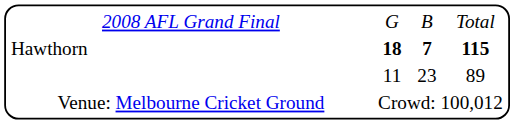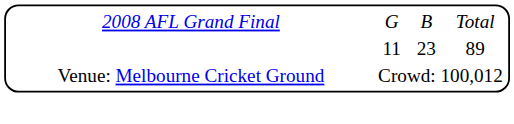 <table style="margin-right:4px; margin-top:8px; float:right; clear:right; border:1px #000 solid; border-radius:8px; background:#fff; font-family:Verdana; font-size:8pt; text-align:center;">
 <tr>
 <td style="width:200px;"><em><a href='#'>2008 AFL Grand Final</a></em></td>
 <td><em>G</em></td>
 <td><em>B</em></td>
 <td><em>Total</em></td>
-</tr>
-<tr>
-<td style="text-align:left">Hawthorn</td>
-<td><strong>18</strong></td>
-<td><strong>7</strong></td>
-<td><strong>115</strong></td>
 </tr>
 <tr>
 <td style="text-align:left"></td>
 <td>11</td>
 <td>23</td>
 <td>89</td>
 </tr>
 <tr>
 <td>Venue: <a href='#'>Melbourne Cricket Ground</a></td>
 <td colspan="3">Crowd: 100,012</td>
 </tr>
 </table>
